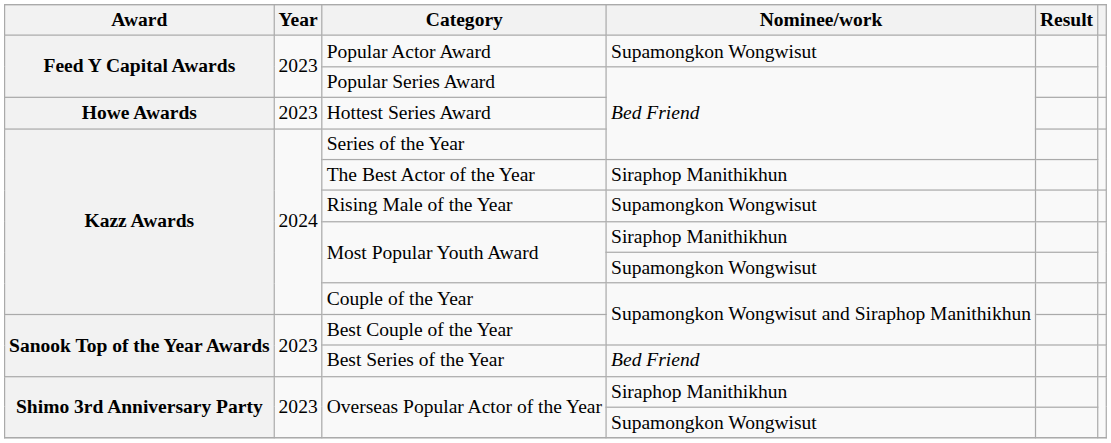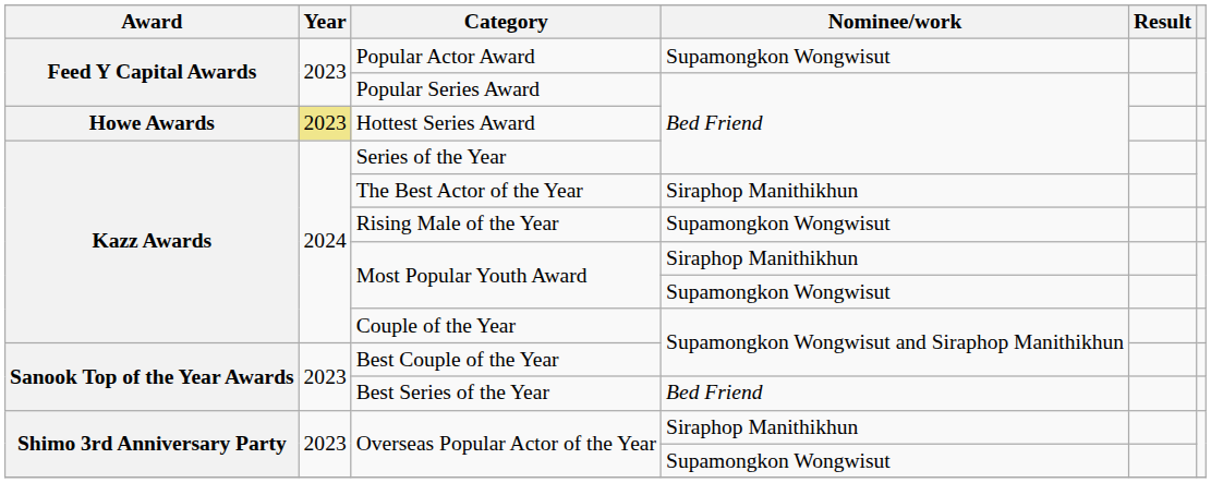 <table class="wikitable sortable plainrowheaders">
 <tr style="background:#ccc; text-align:center;">
 </tr>
 <tr>
 <th scope="col">Award</th>
 <th scope="col">Year</th>
 <th scope="col">Category</th>
 <th scope="col">Nominee/work</th>
 <th scope="col">Result</th>
 <th scope="col" class="unsortable"></th>
 </tr>
 <tr>
 <th scope="row" rowspan=2>Feed Y Capital Awards</th>
 <td style="text-align:center;" rowspan=2>2023</td>
 <td>Popular Actor Award</td>
 <td>Supamongkon Wongwisut</td>
 <td></td>
 <td style="text-align:center;" rowspan=2></td>
 </tr>
 <tr>
 <td>Popular Series Award</td>
 <td rowspan=3><em>Bed Friend</em></td>
 <td></td>
 </tr>
 <tr>
 <th scope="row">Howe Awards</th>
-<td style="text-align:center;">2023</td>
+<td style="background: khaki; text-align:center;">2023</td>
 <td>Hottest Series Award</td>
 <td></td>
 <td style="text-align:center;"></td>
 </tr>
 <tr>
 <th scope="row" rowspan=6>Kazz Awards</th>
 <td style="text-align:center;" rowspan=6>2024</td>
 <td>Series of the Year</td>
 <td></td>
 <td style="text-align:center;" rowspan=2></td>
 </tr>
 <tr>
 <td>The Best Actor of the Year</td>
 <td>Siraphop Manithikhun</td>
 <td></td>
 </tr>
 <tr>
 <td>Rising Male of the Year</td>
 <td>Supamongkon Wongwisut</td>
 <td></td>
 <td style="text-align:center;"></td>
 </tr>
 <tr>
 <td rowspan=2>Most Popular Youth Award</td>
 <td>Siraphop Manithikhun</td>
 <td></td>
 <td style="text-align:center;" rowspan=2></td>
 </tr>
 <tr>
 <td>Supamongkon Wongwisut</td>
 <td></td>
 </tr>
 <tr>
 <td>Couple of the Year</td>
 <td rowspan=2>Supamongkon Wongwisut and Siraphop Manithikhun</td>
 <td></td>
 <td style="text-align:center;"></td>
 </tr>
 <tr>
 <th scope="row" rowspan=2>Sanook Top of the Year Awards</th>
 <td style="text-align:center;" rowspan=2>2023</td>
 <td>Best Couple of the Year</td>
 <td></td>
 <td style="text-align:center;"></td>
 </tr>
 <tr>
 <td>Best Series of the Year</td>
 <td><em>Bed Friend</em></td>
 <td></td>
 <td style="text-align:center;"></td>
 </tr>
 <tr>
 <th scope="row" rowspan=2>Shimo 3rd Anniversary Party</th>
 <td style="text-align:center;" rowspan=2>2023</td>
 <td rowspan=2>Overseas Popular Actor of the Year</td>
 <td>Siraphop Manithikhun</td>
 <td></td>
 <td style="text-align:center;" rowspan=2></td>
 </tr>
 <tr>
 <td>Supamongkon Wongwisut</td>
 <td></td>
 </tr>
 <tr>
 </tr>
 </table>
